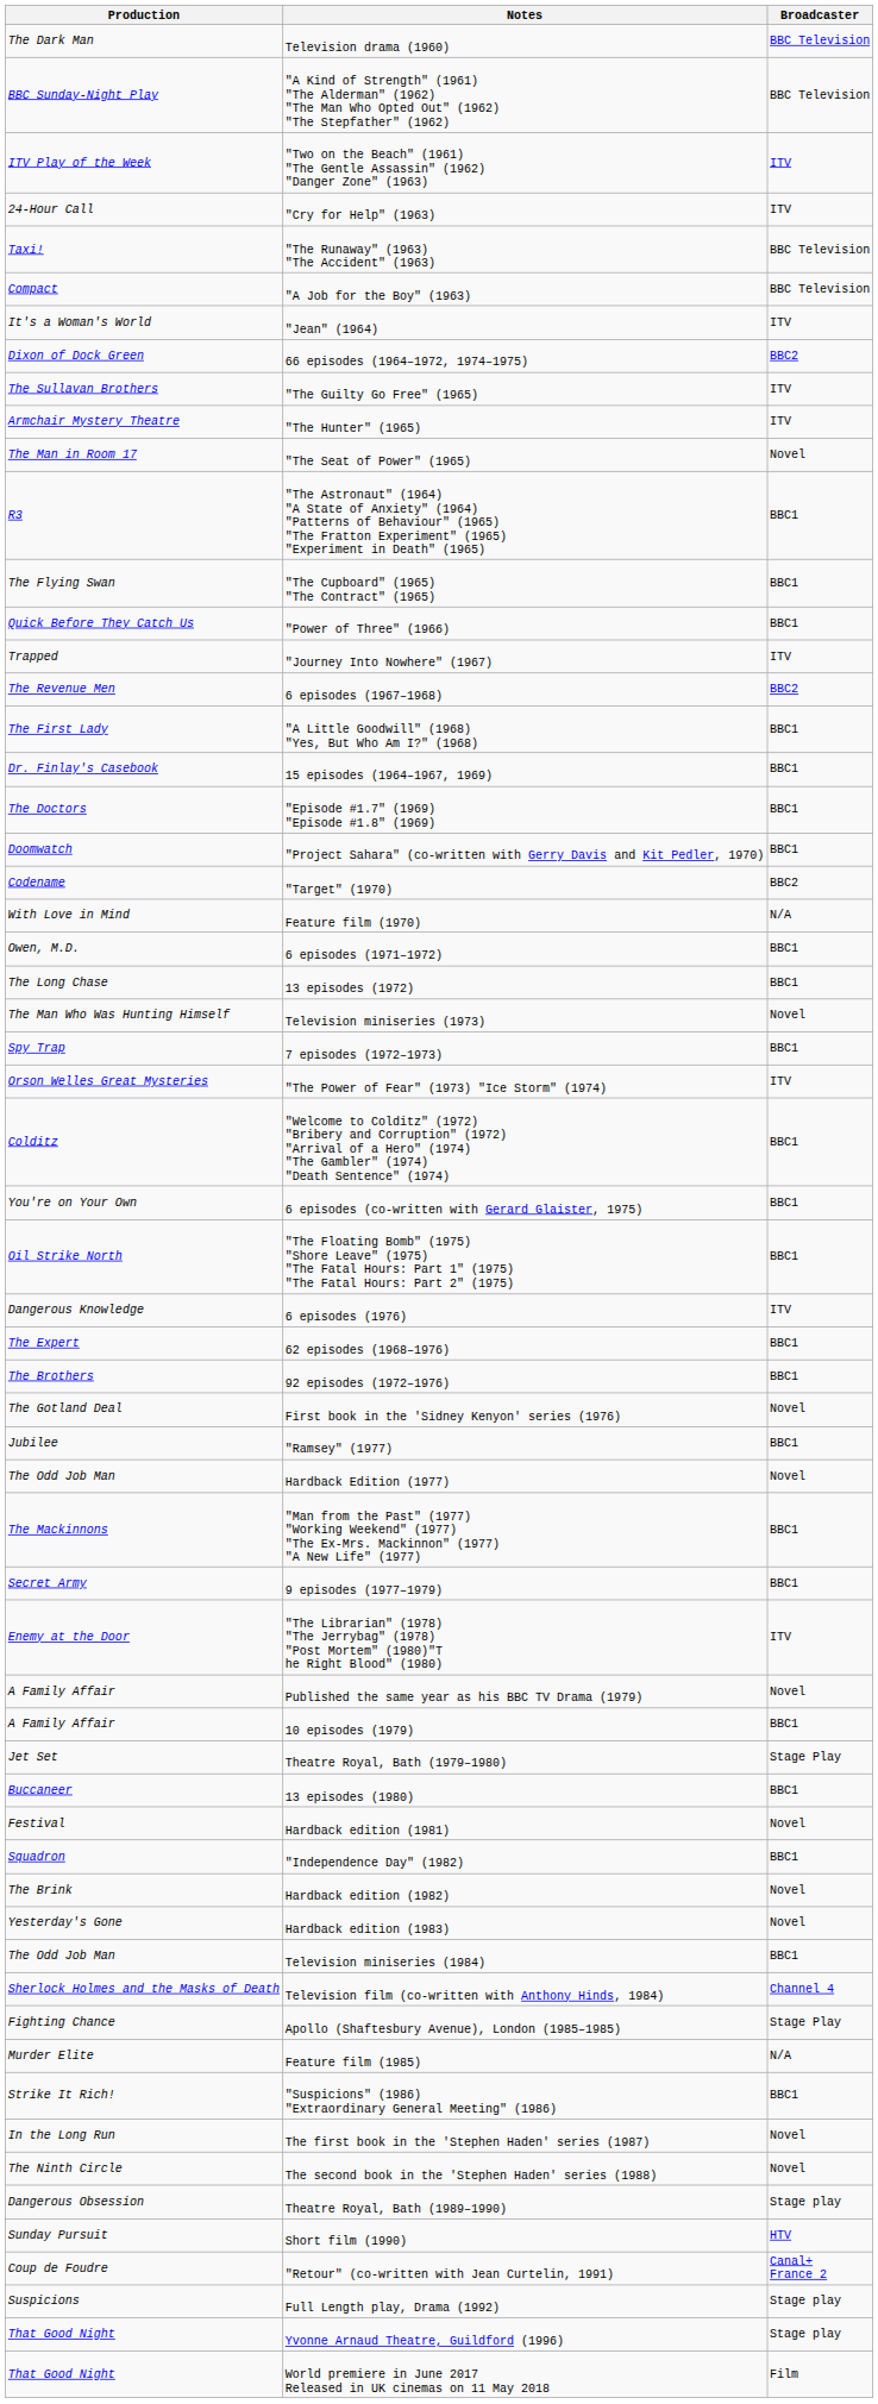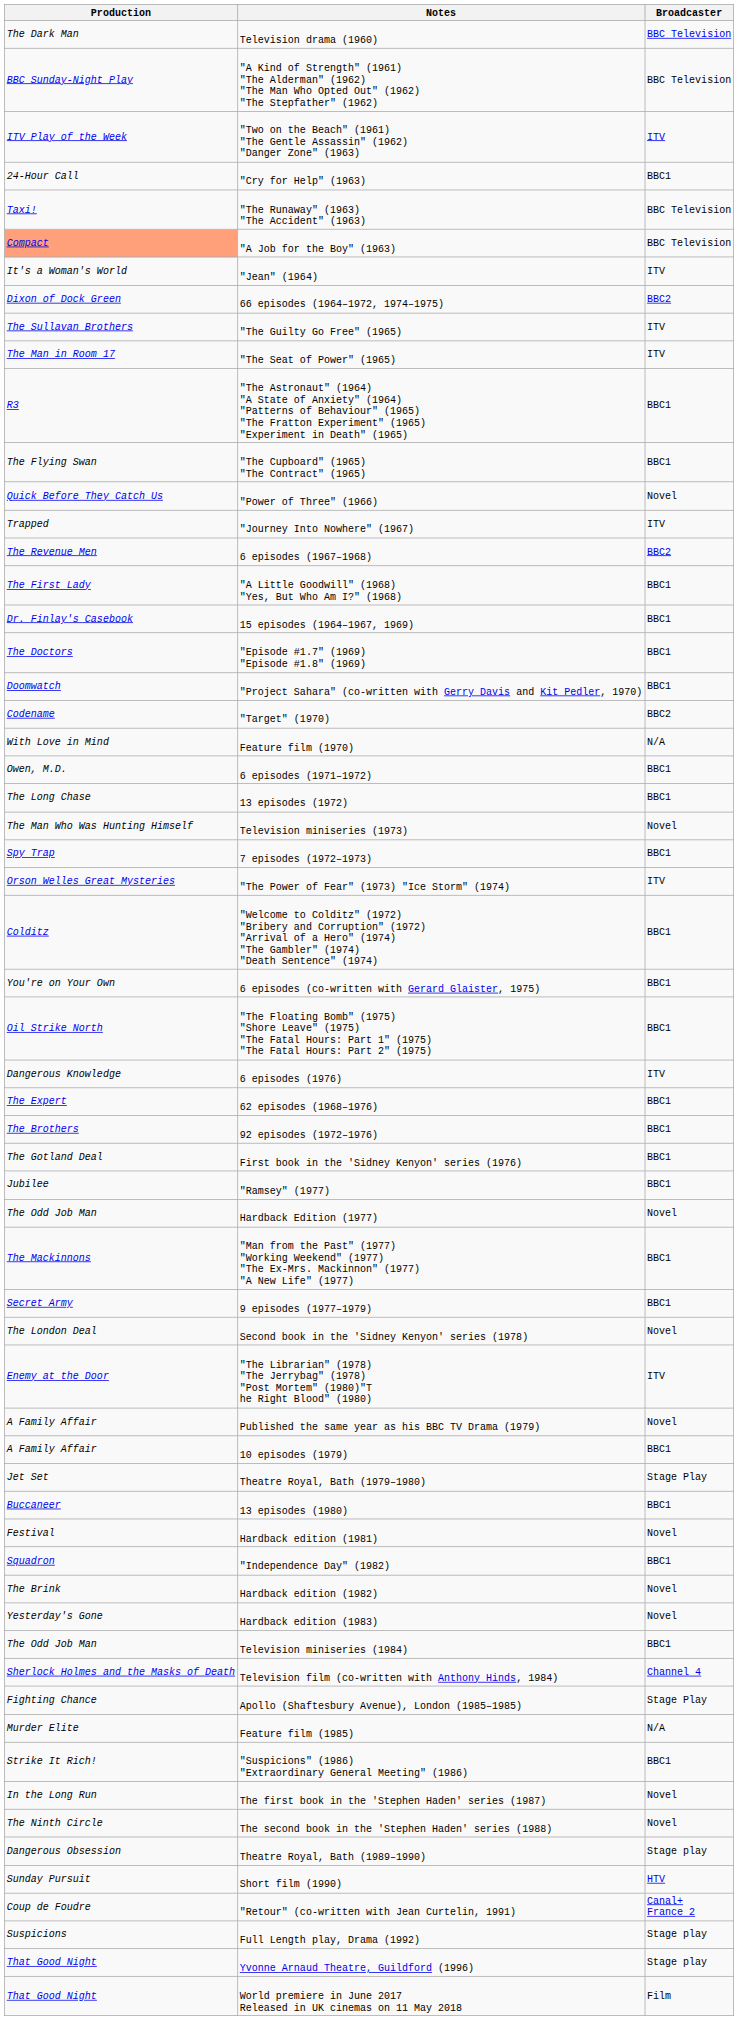 <table class="wikitable">
 <tr style="background:#ccc; text-align:center;">
 <th>Production</th>
 <th>Notes</th>
 <th>Broadcaster</th>
 </tr>
 <tr>
 <td><em>The Dark Man</em></td>
 <td><br>Television drama (1960)</td>
 <td><a href='#'>BBC Television</a></td>
 </tr>
 <tr>
 <td><em><a href='#'>BBC Sunday-Night Play</a></em></td>
 <td><br>"A Kind of Strength" (1961)<br>"The Alderman" (1962)<br>"The Man Who Opted Out" (1962)<br>"The Stepfather" (1962)</td>
 <td>BBC Television</td>
 </tr>
 <tr>
 <td><em><a href='#'>ITV Play of the Week</a></em></td>
 <td><br>"Two on the Beach" (1961)<br>"The Gentle Assassin" (1962)<br>"Danger Zone" (1963)</td>
 <td><a href='#'>ITV</a></td>
 </tr>
 <tr>
 <td><em>24-Hour Call</em></td>
 <td><br>"Cry for Help" (1963)</td>
-<td>ITV</td>
+<td>BBC1</td>
 </tr>
 <tr>
 <td><em><a href='#'>Taxi!</a></em></td>
 <td><br>"The Runaway" (1963)<br>"The Accident" (1963)</td>
 <td>BBC Television</td>
 </tr>
 <tr>
-<td><em><a href='#'>Compact</a></em></td>
+<td style="background: lightsalmon;"><em><a href='#'>Compact</a></em></td>
 <td><br>"A Job for the Boy" (1963)</td>
 <td>BBC Television</td>
 </tr>
 <tr>
 <td><em>It's a Woman's World</em></td>
 <td><br>"Jean" (1964)</td>
 <td>ITV</td>
 </tr>
 <tr>
 <td><em><a href='#'>Dixon of Dock Green</a></em></td>
 <td><br>66 episodes (1964–1972, 1974–1975)</td>
 <td><a href='#'>BBC2</a></td>
 </tr>
 <tr>
 <td><em><a href='#'>The Sullavan Brothers</a></em></td>
 <td><br>"The Guilty Go Free" (1965)</td>
 <td>ITV</td>
 </tr>
 <tr>
-<td><em><a href='#'>Armchair Mystery Theatre</a></em></td>
-<td><br>"The Hunter" (1965)</td>
-<td>ITV</td>
-</tr>
-<tr>
 <td><em><a href='#'>The Man in Room 17</a></em></td>
 <td><br>"The Seat of Power" (1965)</td>
-<td>Novel</td>
+<td>ITV</td>
 </tr>
 <tr>
 <td><em><a href='#'>R3</a></em></td>
 <td><br>"The Astronaut" (1964)<br>"A State of Anxiety" (1964)<br>"Patterns of Behaviour" (1965)<br>"The Fratton Experiment" (1965)<br>"Experiment in Death" (1965)</td>
 <td>BBC1</td>
 </tr>
 <tr>
 <td><em>The Flying Swan</em></td>
 <td><br>"The Cupboard" (1965)<br>"The Contract" (1965)</td>
 <td>BBC1</td>
 </tr>
 <tr>
 <td><em><a href='#'>Quick Before They Catch Us</a></em></td>
 <td><br>"Power of Three" (1966)</td>
-<td>BBC1</td>
+<td>Novel</td>
 </tr>
 <tr>
 <td><em>Trapped</em></td>
 <td><br>"Journey Into Nowhere" (1967)</td>
 <td>ITV</td>
 </tr>
 <tr>
 <td><em><a href='#'>The Revenue Men</a></em></td>
 <td><br>6 episodes (1967–1968)</td>
 <td><a href='#'>BBC2</a></td>
 </tr>
 <tr>
 <td><em><a href='#'>The First Lady</a></em></td>
 <td><br>"A Little Goodwill" (1968)<br>"Yes, But Who Am I?" (1968)</td>
 <td>BBC1</td>
 </tr>
 <tr>
 <td><em><a href='#'>Dr. Finlay's Casebook</a></em></td>
 <td><br>15 episodes (1964–1967, 1969)</td>
 <td>BBC1</td>
 </tr>
 <tr>
 <td><em><a href='#'>The Doctors</a></em></td>
 <td><br>"Episode #1.7" (1969)<br>"Episode #1.8" (1969)</td>
 <td>BBC1</td>
 </tr>
 <tr>
 <td><em><a href='#'>Doomwatch</a></em></td>
 <td><br>"Project Sahara" (co-written with <a href='#'>Gerry Davis</a> and <a href='#'>Kit Pedler</a>, 1970)</td>
 <td>BBC1</td>
 </tr>
 <tr>
 <td><em><a href='#'>Codename</a></em></td>
 <td><br>"Target" (1970)</td>
 <td>BBC2</td>
 </tr>
 <tr>
 <td><em>With Love in Mind</em></td>
 <td><br>Feature film (1970)</td>
 <td>N/A</td>
 </tr>
 <tr>
 <td><em>Owen, M.D.</em></td>
 <td><br>6 episodes (1971–1972)</td>
 <td>BBC1</td>
 </tr>
 <tr>
 <td><em>The Long Chase</em></td>
 <td><br>13 episodes (1972)</td>
 <td>BBC1</td>
 </tr>
 <tr>
 <td><em>The Man Who Was Hunting Himself</em></td>
 <td><br>Television miniseries (1973)</td>
 <td>Novel</td>
 </tr>
 <tr>
 <td><em><a href='#'>Spy Trap</a></em></td>
 <td><br>7 episodes (1972–1973)</td>
 <td>BBC1</td>
 </tr>
 <tr>
 <td><em><a href='#'>Orson Welles Great Mysteries</a></em></td>
 <td><br>"The Power of Fear" (1973) "Ice Storm" (1974)</td>
 <td>ITV</td>
 </tr>
 <tr>
 <td><em><a href='#'>Colditz</a></em></td>
 <td><br>"Welcome to Colditz" (1972)<br>"Bribery and Corruption" (1972)<br>"Arrival of a Hero" (1974)<br>"The Gambler" (1974)<br>"Death Sentence" (1974)</td>
 <td>BBC1</td>
 </tr>
 <tr>
 <td><em>You're on Your Own</em></td>
 <td><br>6 episodes (co-written with <a href='#'>Gerard Glaister</a>, 1975)</td>
 <td>BBC1</td>
 </tr>
 <tr>
 <td><em><a href='#'>Oil Strike North</a></em></td>
 <td><br>"The Floating Bomb" (1975)<br>"Shore Leave" (1975)<br>"The Fatal Hours: Part 1" (1975)<br>"The Fatal Hours: Part 2" (1975)</td>
 <td>BBC1</td>
 </tr>
 <tr>
 <td><em>Dangerous Knowledge</em></td>
 <td><br>6 episodes (1976)</td>
 <td>ITV</td>
 </tr>
 <tr>
 <td><em><a href='#'>The Expert</a></em></td>
 <td><br>62 episodes (1968–1976)</td>
 <td>BBC1</td>
 </tr>
 <tr>
 <td><em><a href='#'>The Brothers</a></em></td>
 <td><br>92 episodes (1972–1976)</td>
 <td>BBC1</td>
 </tr>
 <tr>
 <td><em>The Gotland Deal</em></td>
 <td><br>First book in the 'Sidney Kenyon' series (1976)</td>
-<td>Novel</td>
+<td>BBC1</td>
 </tr>
 <tr>
 <td><em>Jubilee</em></td>
 <td><br>"Ramsey" (1977)</td>
 <td>BBC1</td>
 </tr>
 <tr>
 <td><em>The Odd Job Man</em></td>
 <td><br>Hardback Edition (1977)</td>
 <td>Novel</td>
 </tr>
 <tr>
 <td><em><a href='#'>The Mackinnons</a></em></td>
 <td><br>"Man from the Past" (1977)<br>"Working Weekend" (1977)<br>"The Ex-Mrs. Mackinnon" (1977)<br>"A New Life" (1977)</td>
 <td>BBC1</td>
 </tr>
 <tr>
 <td><em><a href='#'>Secret Army</a></em></td>
 <td><br>9 episodes (1977–1979)</td>
 <td>BBC1</td>
+</tr>
+<tr>
+<td><em>The London Deal</em></td>
+<td><br>Second book in the 'Sidney Kenyon' series (1978)</td>
+<td>Novel</td>
 </tr>
 <tr>
 <td><em><a href='#'>Enemy at the Door</a></em></td>
 <td><br>"The Librarian" (1978)<br>"The Jerrybag" (1978)<br>"Post Mortem" (1980)"T<br>he Right Blood" (1980)</td>
 <td>ITV</td>
 </tr>
 <tr>
 <td><em>A Family Affair</em></td>
 <td><br>Published the same year as his BBC TV Drama (1979)</td>
 <td>Novel</td>
 </tr>
 <tr>
 <td><em>A Family Affair</em></td>
 <td><br>10 episodes (1979)</td>
 <td>BBC1</td>
 </tr>
 <tr>
 <td><em>Jet Set</em></td>
 <td><br>Theatre Royal, Bath (1979–1980)</td>
 <td>Stage Play</td>
 </tr>
 <tr>
 <td><em><a href='#'>Buccaneer</a></em></td>
 <td><br>13 episodes (1980)</td>
 <td>BBC1</td>
 </tr>
 <tr>
 <td><em>Festival</em></td>
 <td><br>Hardback edition (1981)</td>
 <td>Novel</td>
 </tr>
 <tr>
 <td><em><a href='#'>Squadron</a></em></td>
 <td><br>"Independence Day" (1982)</td>
 <td>BBC1</td>
 </tr>
 <tr>
 <td><em>The Brink</em></td>
 <td><br>Hardback edition (1982)</td>
 <td>Novel</td>
 </tr>
 <tr>
 <td><em>Yesterday's Gone</em></td>
 <td><br>Hardback edition (1983)</td>
 <td>Novel</td>
 </tr>
 <tr>
 <td><em>The Odd Job Man</em></td>
 <td><br>Television miniseries (1984)</td>
 <td>BBC1</td>
 </tr>
 <tr>
 <td><em><a href='#'>Sherlock Holmes and the Masks of Death</a></em></td>
 <td><br>Television film (co-written with <a href='#'>Anthony Hinds</a>, 1984)</td>
 <td><a href='#'>Channel 4</a></td>
 </tr>
 <tr>
 <td><em>Fighting Chance</em></td>
 <td><br>Apollo (Shaftesbury Avenue), London (1985–1985)</td>
 <td>Stage Play</td>
 </tr>
 <tr>
 <td><em>Murder Elite</em></td>
 <td><br>Feature film (1985)</td>
 <td>N/A</td>
 </tr>
 <tr>
 <td><em>Strike It Rich!</em></td>
 <td><br>"Suspicions" (1986)<br>"Extraordinary General Meeting" (1986)</td>
 <td>BBC1</td>
 </tr>
 <tr>
 <td><em>In the Long Run</em></td>
 <td><br>The first book in the 'Stephen Haden' series (1987)</td>
 <td>Novel</td>
 </tr>
 <tr>
 <td><em>The Ninth Circle</em></td>
 <td><br>The second book in the 'Stephen Haden' series (1988)</td>
 <td>Novel</td>
 </tr>
 <tr>
 <td><em>Dangerous Obsession</em></td>
 <td><br>Theatre Royal, Bath (1989–1990)</td>
 <td>Stage play</td>
 </tr>
 <tr>
 <td><em>Sunday Pursuit</em></td>
 <td><br>Short film (1990)</td>
 <td><a href='#'>HTV</a></td>
 </tr>
 <tr>
 <td><em>Coup de Foudre</em></td>
 <td><br>"Retour" (co-written with Jean Curtelin, 1991)</td>
 <td><a href='#'>Canal+</a><br><a href='#'>France 2</a></td>
 </tr>
 <tr>
 <td><em>Suspicions</em></td>
 <td><br>Full Length play, Drama (1992)</td>
 <td>Stage play</td>
 </tr>
 <tr>
 <td><em><a href='#'>That Good Night</a></em></td>
 <td><br><a href='#'>Yvonne Arnaud Theatre, Guildford</a> (1996)</td>
 <td>Stage play</td>
 </tr>
 <tr>
 <td><em><a href='#'>That Good Night</a></em></td>
 <td><br>World premiere in June 2017<br>Released in UK cinemas on 11 May 2018</td>
 <td>Film</td>
 </tr>
 </table>
